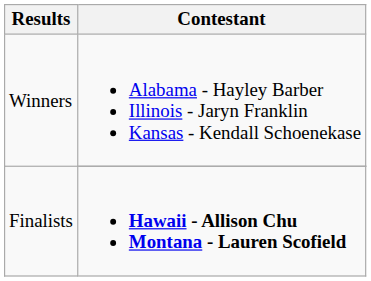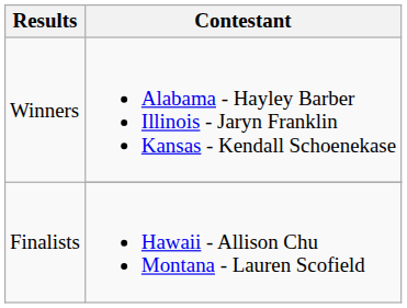 <table class="wikitable">
 <tr>
 <th>Results</th>
 <th>Contestant</th>
 </tr>
 <tr>
 <td>Winners</td>
 <td><br><ul><li><a href='#'>Alabama</a> - Hayley Barber</li><li><a href='#'>Illinois</a> - Jaryn Franklin</li><li><a href='#'>Kansas</a> - Kendall Schoenekase</li></ul></td>
 </tr>
 <tr>
 <td rowspan=5>Finalists</td>
 </tr>
 <tr>
-<td><strong><br><ul><li><a href='#'>Hawaii</a> - Allison Chu</li><li><a href='#'>Montana</a> - Lauren Scofield</li></ul></strong></td>
+<td><br><ul><li><a href='#'>Hawaii</a> - Allison Chu</li><li><a href='#'>Montana</a> - Lauren Scofield</li></ul></td>
 </tr>
 </table>
